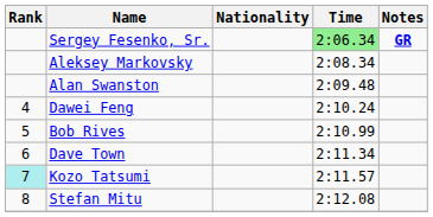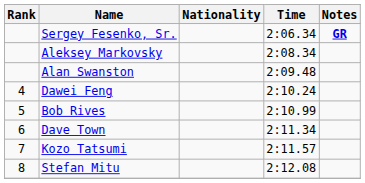 <table class="wikitable sortable" style="text-align:center">
 <tr>
 <th>Rank</th>
 <th>Name</th>
 <th>Nationality</th>
 <th>Time</th>
 <th>Notes</th>
 </tr>
 <tr>
 <td></td>
 <td align="left"><a href='#'>Sergey Fesenko, Sr.</a></td>
 <td align="left"></td>
-<td style="background: lightgreen;">2:06.34</td>
+<td>2:06.34</td>
 <td><strong><a href='#'>GR</a></strong></td>
 </tr>
 <tr>
 <td></td>
 <td align="left"><a href='#'>Aleksey Markovsky</a></td>
 <td align="left"></td>
 <td>2:08.34</td>
 <td></td>
 </tr>
 <tr>
 <td></td>
 <td align="left"><a href='#'>Alan Swanston</a></td>
 <td align="left"></td>
 <td>2:09.48</td>
 <td></td>
 </tr>
 <tr>
 <td>4</td>
 <td align="left"><a href='#'>Dawei Feng</a></td>
 <td align="left"></td>
 <td>2:10.24</td>
 <td></td>
 </tr>
 <tr>
 <td>5</td>
 <td align="left"><a href='#'>Bob Rives</a></td>
 <td align="left"></td>
 <td>2:10.99</td>
 <td></td>
 </tr>
 <tr>
 <td>6</td>
 <td align="left"><a href='#'>Dave Town</a></td>
 <td align="left"></td>
 <td>2:11.34</td>
 <td></td>
 </tr>
 <tr>
-<td style="background: paleturquoise;">7</td>
+<td>7</td>
 <td align="left"><a href='#'>Kozo Tatsumi</a></td>
 <td align="left"></td>
 <td>2:11.57</td>
 <td></td>
 </tr>
 <tr>
 <td>8</td>
 <td align="left"><a href='#'>Stefan Mitu</a></td>
 <td align="left"></td>
 <td>2:12.08</td>
 <td></td>
 </tr>
 <tr>
 </tr>
 </table>
